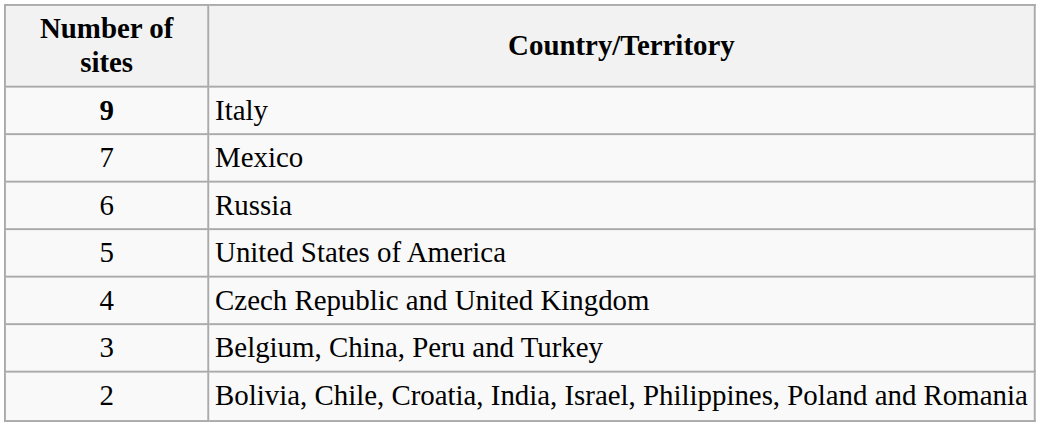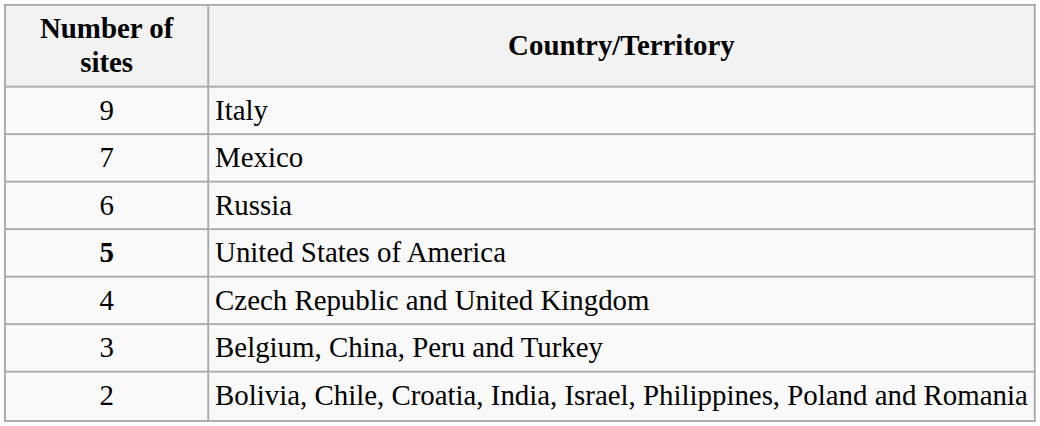 <table class="wikitable sortable" style="font-size: 95%;">
 <tr>
 <th width="100">Number of sites</th>
 <th>Country/Territory</th>
 </tr>
 <tr>
-<td align="center"><strong>9</strong></td>
+<td align="center">9</td>
 <td>Italy</td>
 </tr>
 <tr>
 <td align="center">7</td>
 <td>Mexico</td>
 </tr>
 <tr>
 <td align="center">6</td>
 <td>Russia</td>
 </tr>
 <tr>
-<td align="center">5</td>
+<td align="center"><strong>5</strong></td>
 <td>United States of America</td>
 </tr>
 <tr>
 <td align="center">4</td>
 <td>Czech Republic and United Kingdom</td>
 </tr>
 <tr>
 <td align="center">3</td>
 <td>Belgium, China, Peru and Turkey</td>
 </tr>
 <tr>
 <td align="center">2</td>
 <td>Bolivia, Chile, Croatia, India, Israel, Philippines, Poland and Romania</td>
 </tr>
 </table>
